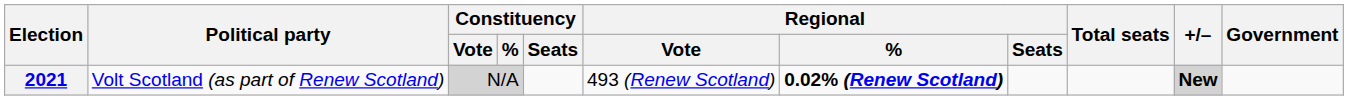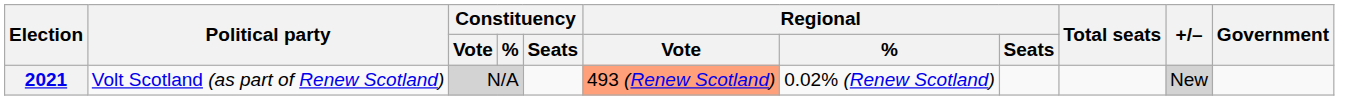 <table class="wikitable" style="text-align:right">
 <tr>
 <th rowspan=2>Election</th>
 <th rowspan=2>Political party</th>
 <th colspan="3">Constituency</th>
 <th colspan="3">Regional</th>
 <th rowspan=2>Total seats</th>
 <th rowspan=2>+/–</th>
 <th rowspan=2>Government</th>
 </tr>
 <tr>
 <th>Vote</th>
 <th>%</th>
 <th>Seats</th>
 <th>Vote</th>
 <th>%</th>
 <th>Seats</th>
 </tr>
 <tr>
 <th align="center"><a href='#'>2021</a></th>
 <td align="center"><a href='#'>Volt Scotland</a> <em>(as part of <a href='#'>Renew Scotland</a>)</em></td>
 <td colspan="2" bgcolor="lightgrey">N/A</td>
 <td></td>
-<td align="center">493 <em>(<a href='#'>Renew Scotland</a>)</em></td>
-<td align="center"><strong>0.02% <em>(<a href='#'>Renew Scotland</a>)</em></strong></td>
+<td align="center" style="background: lightsalmon;">493 <em>(<a href='#'>Renew Scotland</a>)</em></td>
+<td align="center">0.02% <em>(<a href='#'>Renew Scotland</a>)</em></td>
 <td></td>
 <td></td>
-<td bgcolor="lightgrey"><strong>New</strong></td>
+<td bgcolor="lightgrey">New</td>
 <td></td>
 </tr>
 </table>
